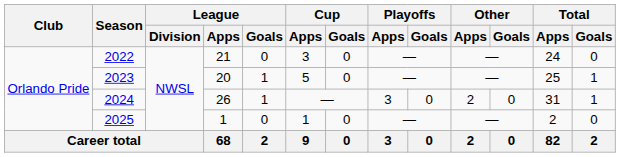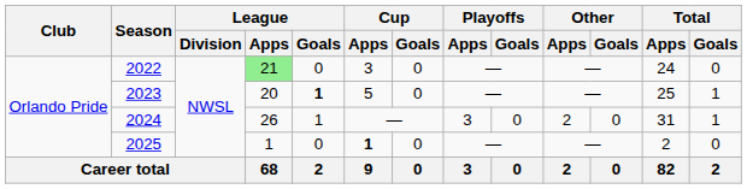 <table class="wikitable" style="text-align: center;">
 <tr>
 <th rowspan="2">Club</th>
 <th rowspan="2">Season</th>
 <th colspan="3">League</th>
 <th colspan="2">Cup</th>
 <th colspan="2">Playoffs</th>
 <th colspan="2">Other</th>
 <th colspan="2">Total</th>
 </tr>
 <tr>
 <th>Division</th>
 <th>Apps</th>
 <th>Goals</th>
 <th>Apps</th>
 <th>Goals</th>
 <th>Apps</th>
 <th>Goals</th>
 <th>Apps</th>
 <th>Goals</th>
 <th>Apps</th>
 <th>Goals</th>
 </tr>
 <tr>
 <td rowspan="4"><a href='#'>Orlando Pride</a></td>
 <td><a href='#'>2022</a></td>
 <td rowspan="4"><a href='#'>NWSL</a></td>
-<td>21</td>
+<td style="background: lightgreen;">21</td>
 <td>0</td>
 <td>3</td>
 <td>0</td>
 <td colspan="2">—</td>
 <td colspan="2">—</td>
 <td>24</td>
 <td>0</td>
 </tr>
 <tr>
 <td><a href='#'>2023</a></td>
 <td>20</td>
-<td>1</td>
+<td><strong>1</strong></td>
 <td>5</td>
 <td>0</td>
 <td colspan="2">—</td>
 <td colspan="2">—</td>
 <td>25</td>
 <td>1</td>
 </tr>
 <tr>
 <td><a href='#'>2024</a></td>
 <td>26</td>
 <td>1</td>
 <td colspan="2">—</td>
 <td>3</td>
 <td>0</td>
 <td>2</td>
 <td>0</td>
 <td>31</td>
 <td>1</td>
 </tr>
 <tr>
 <td><a href='#'>2025</a></td>
 <td>1</td>
 <td>0</td>
-<td>1</td>
+<td><strong>1</strong></td>
 <td>0</td>
 <td colspan="2">—</td>
 <td colspan="2">—</td>
 <td>2</td>
 <td>0</td>
 </tr>
 <tr>
 <th colspan="3">Career total</th>
 <th>68</th>
 <th>2</th>
 <th>9</th>
 <th>0</th>
 <th>3</th>
 <th>0</th>
 <th>2</th>
 <th>0</th>
 <th>82</th>
 <th>2</th>
 </tr>
 </table>
